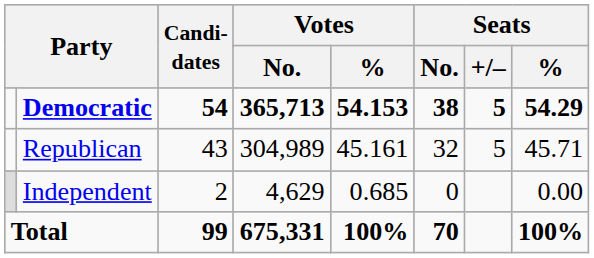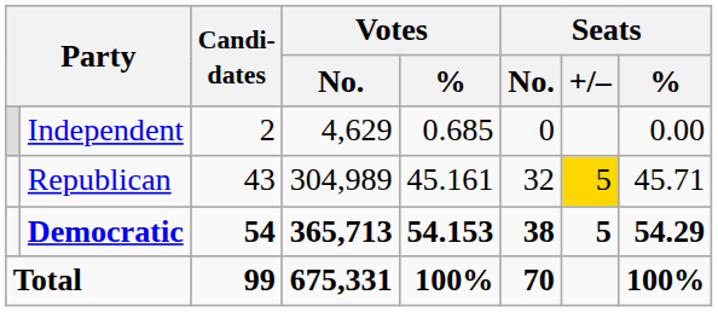 <table class="wikitable" style="font-size:100%; text-align:right;">
 <tr>
 <th colspan=2 rowspan=2>Party</th>
 <th rowspan=2><small>Candi-<br>dates</small></th>
 <th colspan=2>Votes</th>
 <th colspan=3>Seats</th>
 </tr>
 <tr>
 <th>No.</th>
 <th>%</th>
 <th>No.</th>
 <th>+/–</th>
 <th>%</th>
 </tr>
 <tr>
+<td style="background:#ddd;"></td>
+<td align=left><a href='#'>Independent</a></td>
+<td>2</td>
+<td>4,629</td>
+<td>0.685</td>
+<td>0</td>
+<td></td>
+<td>0.00</td>
+</tr>
+<tr>
+<td style="background:"></td>
+<td align=left><a href='#'>Republican</a></td>
+<td>43</td>
+<td>304,989</td>
+<td>45.161</td>
+<td>32</td>
+<td style="background: gold;">5</td>
+<td>45.71</td>
+</tr>
+<tr>
 <td style="background:"></td>
 <td align=left><strong><a href='#'>Democratic</a></strong></td>
 <td><strong>54</strong></td>
 <td><strong>365,713</strong></td>
 <td><strong>54.153</strong></td>
 <td><strong>38</strong></td>
 <td><strong>5</strong></td>
 <td><strong>54.29</strong></td>
-</tr>
-<tr>
-<td style="background:"></td>
-<td align=left><a href='#'>Republican</a></td>
-<td>43</td>
-<td>304,989</td>
-<td>45.161</td>
-<td>32</td>
-<td>5</td>
-<td>45.71</td>
-</tr>
-<tr>
-<td style="background:#ddd;"></td>
-<td align=left><a href='#'>Independent</a></td>
-<td>2</td>
-<td>4,629</td>
-<td>0.685</td>
-<td>0</td>
-<td></td>
-<td>0.00</td>
 </tr>
 <tr style="font-weight:bold">
 <td colspan=2 align=left>Total</td>
 <td>99</td>
 <td>675,331</td>
 <td>100%</td>
 <td>70</td>
 <td></td>
 <td>100%</td>
 </tr>
 </table>
